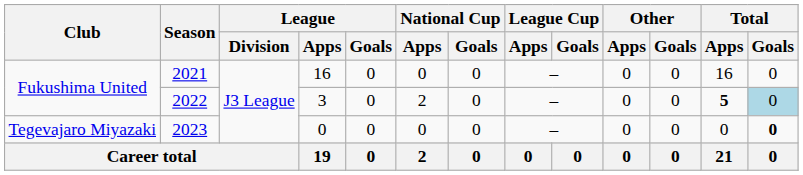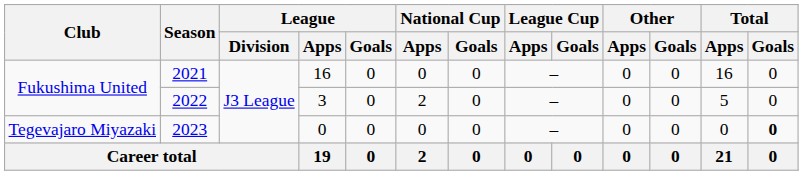 <table class="wikitable" style="text-align: center">
 <tr>
 <th rowspan="2">Club</th>
 <th rowspan="2">Season</th>
 <th colspan="3">League</th>
 <th colspan="2">National Cup</th>
 <th colspan="2">League Cup</th>
 <th colspan="2">Other</th>
 <th colspan="2">Total</th>
 </tr>
 <tr>
 <th>Division</th>
 <th>Apps</th>
 <th>Goals</th>
 <th>Apps</th>
 <th>Goals</th>
 <th>Apps</th>
 <th>Goals</th>
 <th>Apps</th>
 <th>Goals</th>
 <th>Apps</th>
 <th>Goals</th>
 </tr>
 <tr>
 <td rowspan="2"><a href='#'>Fukushima United</a></td>
 <td><a href='#'>2021</a></td>
 <td rowspan="3"><a href='#'>J3 League</a></td>
 <td>16</td>
 <td>0</td>
 <td>0</td>
 <td>0</td>
 <td colspan="2">–</td>
 <td>0</td>
 <td>0</td>
 <td>16</td>
 <td>0</td>
 </tr>
 <tr>
 <td><a href='#'>2022</a></td>
 <td>3</td>
 <td>0</td>
 <td>2</td>
 <td>0</td>
 <td colspan="2">–</td>
 <td>0</td>
 <td>0</td>
-<td><strong>5</strong></td>
-<td style="background: lightblue;">0</td>
+<td>5</td>
+<td>0</td>
 </tr>
 <tr>
 <td><a href='#'>Tegevajaro Miyazaki</a></td>
 <td><a href='#'>2023</a></td>
 <td>0</td>
 <td>0</td>
 <td>0</td>
 <td>0</td>
 <td colspan="2">–</td>
 <td>0</td>
 <td>0</td>
 <td>0</td>
 <td><strong>0</strong></td>
 </tr>
 <tr>
 <th colspan=3>Career total</th>
 <th>19</th>
 <th>0</th>
 <th>2</th>
 <th>0</th>
 <th>0</th>
 <th>0</th>
 <th>0</th>
 <th>0</th>
 <th>21</th>
 <th>0</th>
 </tr>
 </table>
